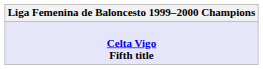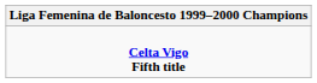 <table class=wikitable style="text-align:center; margin:auto">
 <tr>
 <th>Liga Femenina de Baloncesto 1999–2000 Champions</th>
 </tr>
 <tr>
-<td style="background: lavender;"> <br> <strong><a href='#'>Celta Vigo</a></strong> <br> <strong>Fifth title</strong></td>
+<td> <br> <strong><a href='#'>Celta Vigo</a></strong> <br> <strong>Fifth title</strong></td>
 </tr>
 </table>
